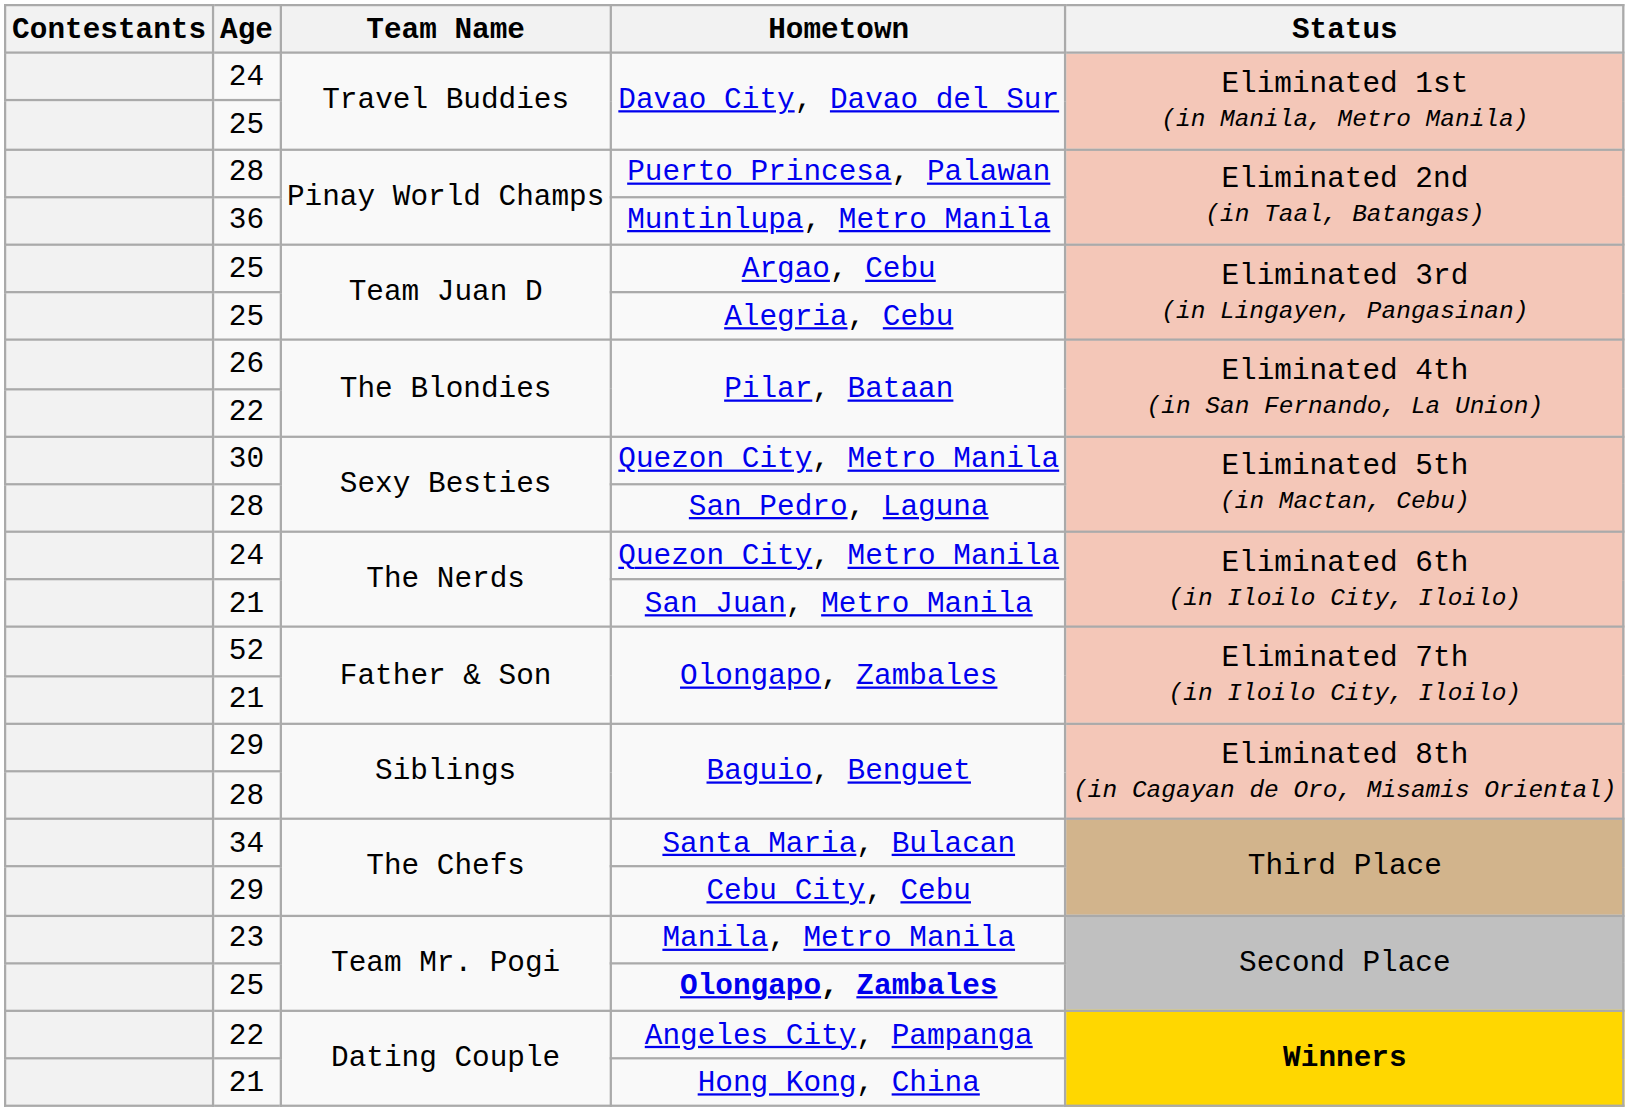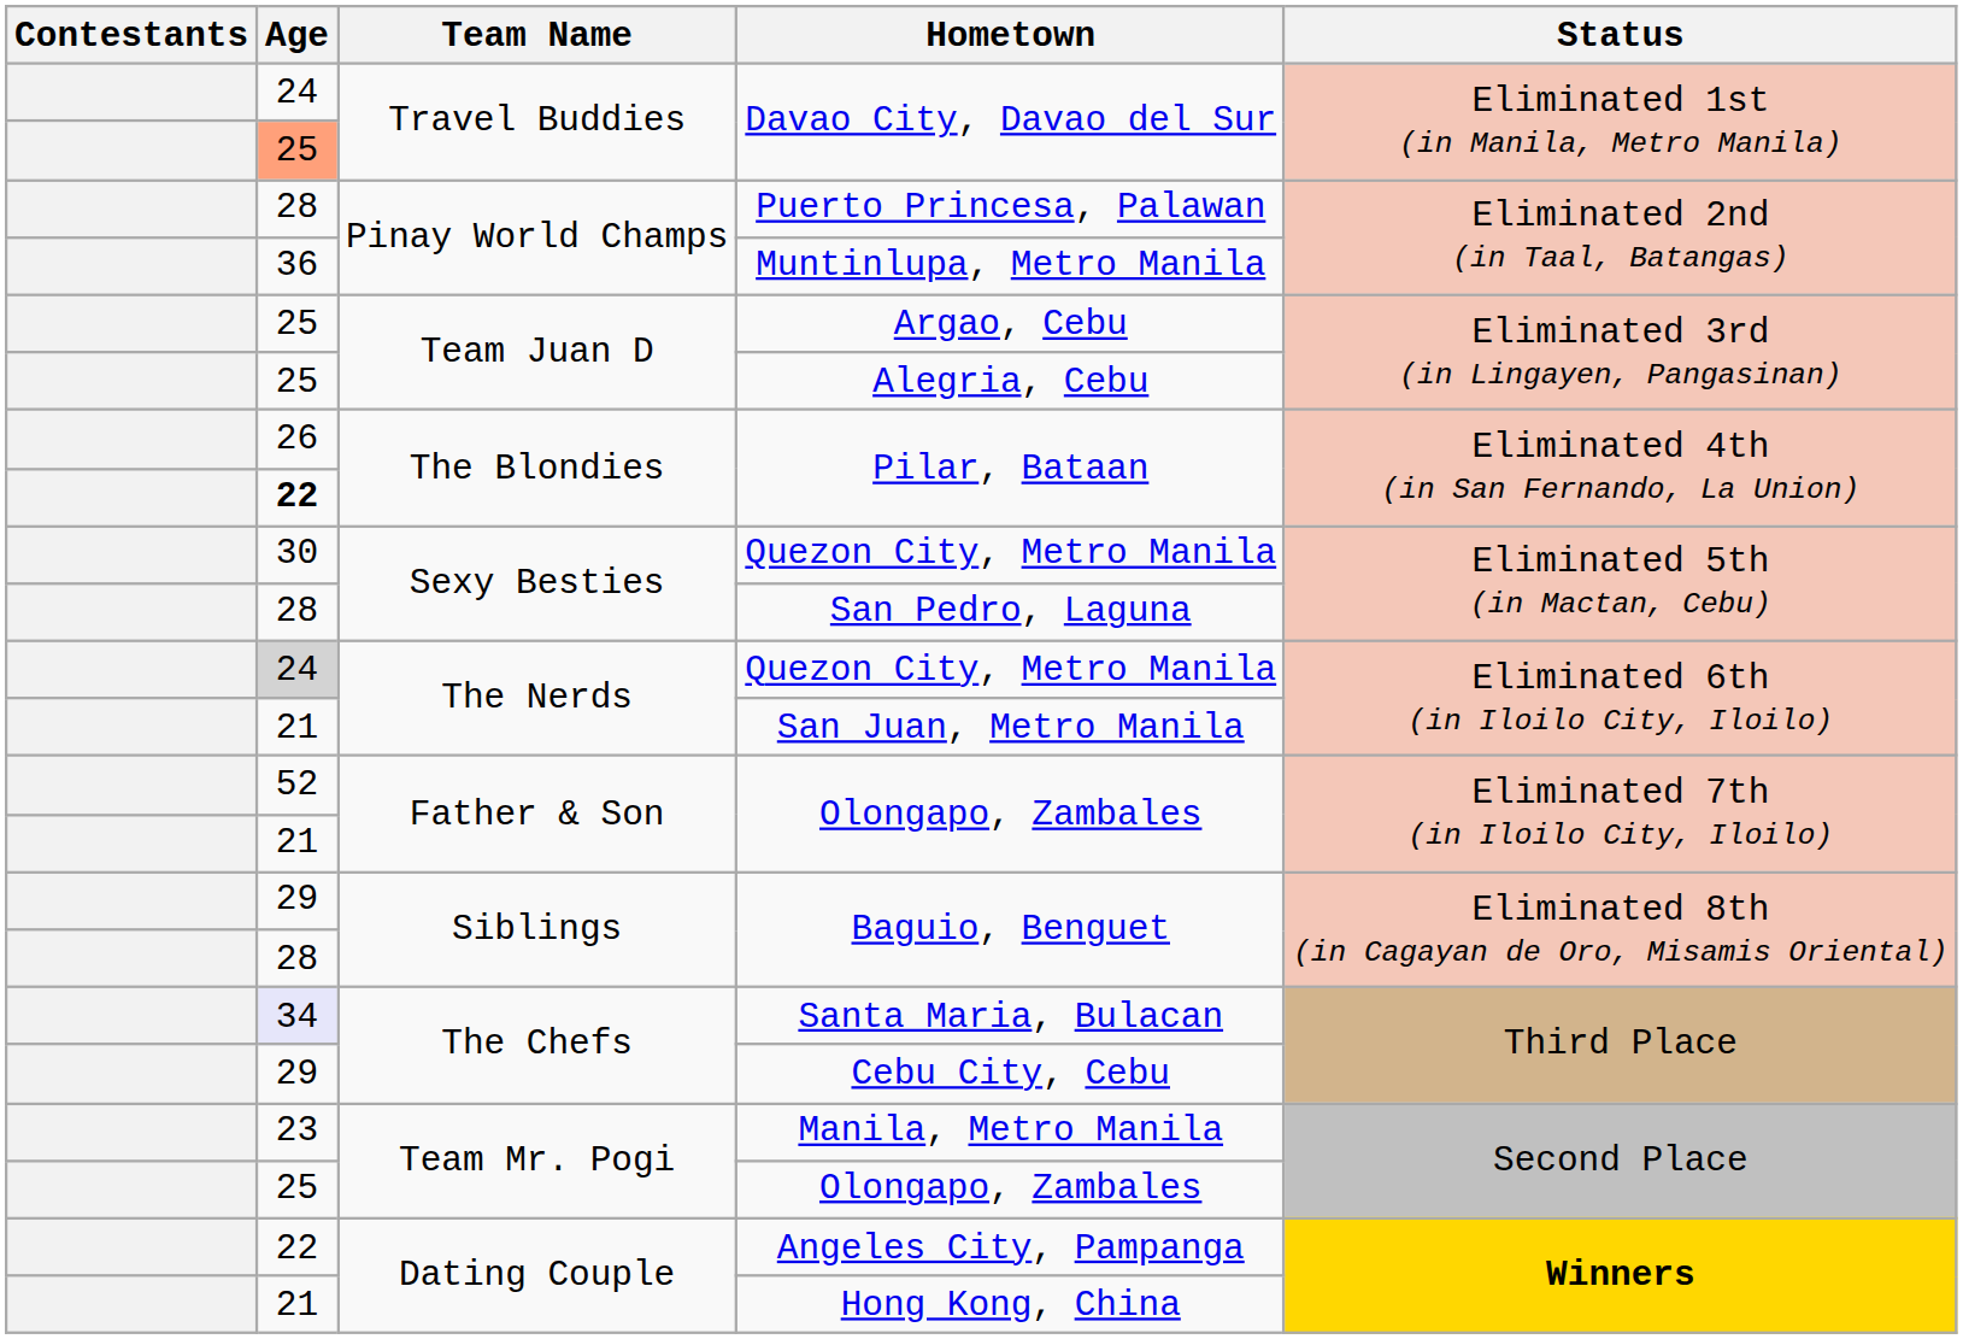 <table class="wikitable sortable" style="text-align:center;">
 <tr>
 <th scope="col">Contestants</th>
 <th scope="col">Age</th>
 <th class="unsortable" scope="col">Team Name</th>
 <th scope="col" class="unsortable">Hometown</th>
 <th scope="col">Status</th>
 </tr>
 <tr>
 <th scope="row"></th>
 <td>24</td>
 <td rowspan="2">Travel Buddies</td>
 <td rowspan="2"><a href='#'>Davao City</a>, <a href='#'>Davao del Sur</a></td>
 <td rowspan="2" bgcolor="f4c7b8">Eliminated 1st<br><small><em>(in Manila, Metro Manila)</em></small></td>
 </tr>
 <tr>
 <th scope="row"></th>
-<td>25</td>
+<td style="background: lightsalmon;">25</td>
 </tr>
 <tr>
 <th scope="row"></th>
 <td>28</td>
 <td rowspan="2">Pinay World Champs</td>
 <td><a href='#'>Puerto Princesa</a>, <a href='#'>Palawan</a></td>
 <td rowspan="2" bgcolor="f4c7b8">Eliminated 2nd<br><small><em>(in Taal, Batangas)</em></small></td>
 </tr>
 <tr>
 <th scope="row"></th>
 <td>36</td>
 <td><a href='#'>Muntinlupa</a>, <a href='#'>Metro Manila</a></td>
 </tr>
 <tr>
 <th scope="row"></th>
 <td>25</td>
 <td rowspan="2">Team Juan D</td>
 <td><a href='#'>Argao</a>, <a href='#'>Cebu</a></td>
 <td rowspan="2" bgcolor="f4c7b8">Eliminated 3rd<br><small><em>(in Lingayen, Pangasinan)</em></small></td>
 </tr>
 <tr>
 <th scope="row"></th>
 <td>25</td>
 <td><a href='#'>Alegria</a>, <a href='#'>Cebu</a></td>
 </tr>
 <tr>
 <th scope="row"></th>
 <td>26</td>
 <td rowspan="2">The Blondies</td>
 <td rowspan="2"><a href='#'>Pilar</a>, <a href='#'>Bataan</a></td>
 <td rowspan="2" bgcolor="f4c7b8">Eliminated 4th<br><small><em>(in San Fernando, La Union)</em></small></td>
 </tr>
 <tr>
 <th scope="row"></th>
-<td>22</td>
+<td><strong>22</strong></td>
 </tr>
 <tr>
 <th scope="row"></th>
 <td>30</td>
 <td rowspan="2">Sexy Besties</td>
 <td><a href='#'>Quezon City</a>, <a href='#'>Metro Manila</a></td>
 <td rowspan="2" bgcolor="f4c7b8">Eliminated 5th<br><small><em>(in Mactan, Cebu)</em></small></td>
 </tr>
 <tr>
 <th scope="row"></th>
 <td>28</td>
 <td><a href='#'>San Pedro</a>, <a href='#'>Laguna</a></td>
 </tr>
 <tr>
 <th scope="row"></th>
-<td>24</td>
+<td style="background: lightgrey;">24</td>
 <td rowspan="2">The Nerds</td>
 <td><a href='#'>Quezon City</a>, <a href='#'>Metro Manila</a></td>
 <td rowspan="2" bgcolor="f4c7b8">Eliminated 6th<br><small><em>(in Iloilo City, Iloilo)</em></small></td>
 </tr>
 <tr>
 <th scope="row"></th>
 <td>21</td>
 <td><a href='#'>San Juan</a>, <a href='#'>Metro Manila</a></td>
 </tr>
 <tr>
 <th scope="row"></th>
 <td>52</td>
 <td rowspan="2">Father & Son</td>
 <td rowspan="2"><a href='#'>Olongapo</a>, <a href='#'>Zambales</a></td>
 <td rowspan="2" bgcolor="f4c7b8">Eliminated 7th<br><small><em>(in Iloilo City, Iloilo)</em></small></td>
 </tr>
 <tr>
 <th scope="row"></th>
 <td>21</td>
 </tr>
 <tr>
 <th scope="row"></th>
 <td>29</td>
 <td rowspan="2">Siblings</td>
 <td rowspan="2"><a href='#'>Baguio</a>, <a href='#'>Benguet</a></td>
 <td rowspan="2" bgcolor="f4c7b8">Eliminated 8th<br><small><em>(in Cagayan de Oro, Misamis Oriental)</em></small></td>
 </tr>
 <tr>
 <th scope="row"></th>
 <td>28</td>
 </tr>
 <tr>
 <th scope="row"></th>
-<td>34</td>
+<td style="background: lavender;">34</td>
 <td rowspan="2">The Chefs</td>
 <td><a href='#'>Santa Maria</a>, <a href='#'>Bulacan</a></td>
 <td rowspan="2" bgcolor="tan">Third Place</td>
 </tr>
 <tr>
 <th scope="row"></th>
 <td>29</td>
 <td><a href='#'>Cebu City</a>, <a href='#'>Cebu</a></td>
 </tr>
 <tr>
 <th scope="row"></th>
 <td>23</td>
 <td rowspan="2">Team Mr. Pogi</td>
 <td><a href='#'>Manila</a>, <a href='#'>Metro Manila</a></td>
 <td rowspan="2" bgcolor="silver">Second Place</td>
 </tr>
 <tr>
 <th scope="row"></th>
 <td>25</td>
-<td><strong><a href='#'>Olongapo</a>, <a href='#'>Zambales</a></strong></td>
+<td><a href='#'>Olongapo</a>, <a href='#'>Zambales</a></td>
 </tr>
 <tr>
 <th scope="row"></th>
 <td>22</td>
 <td rowspan="2">Dating Couple</td>
 <td><a href='#'>Angeles City</a>, <a href='#'>Pampanga</a></td>
 <td rowspan="2" bgcolor="gold"><strong>Winners</strong></td>
 </tr>
 <tr>
 <th scope="row"></th>
 <td>21</td>
 <td><a href='#'>Hong Kong</a>, <a href='#'>China</a></td>
 </tr>
 </table>
